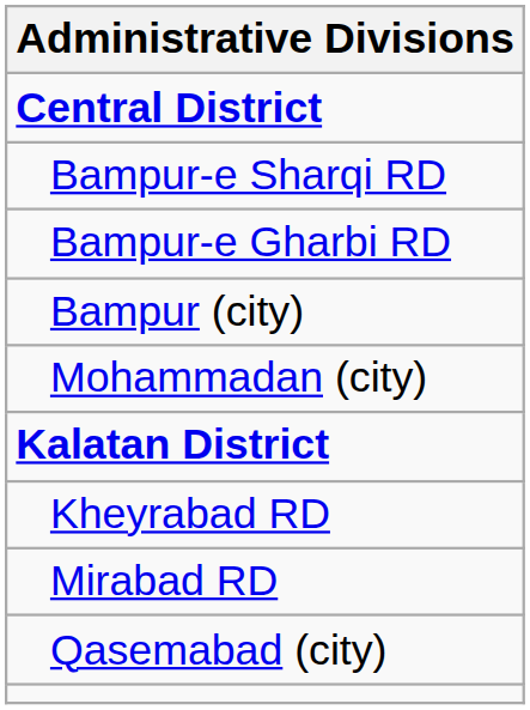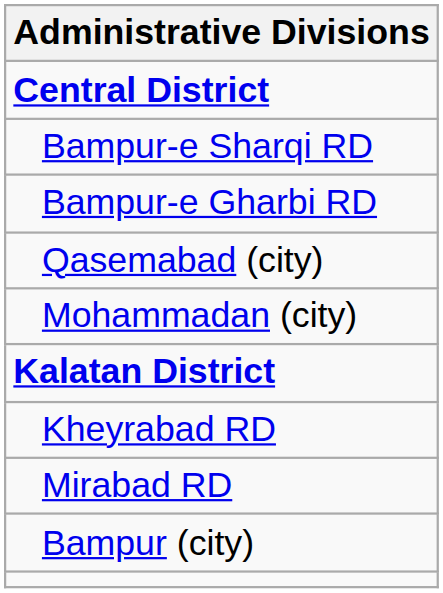 <table class="wikitable">
 <tr>
 <th>Administrative Divisions</th>
 </tr>
 <tr>
 <td><strong><a href='#'>Central District</a></strong></td>
 </tr>
 <tr>
 <td style="padding-left: 1em;"><a href='#'>Bampur-e Sharqi RD</a></td>
 </tr>
 <tr>
 <td style="padding-left: 1em;"><a href='#'>Bampur-e Gharbi RD</a></td>
 </tr>
 <tr>
-<td style="padding-left: 1em;"><a href='#'>Bampur</a> (city)</td>
+<td style="padding-left: 1em;"><a href='#'>Qasemabad</a> (city)</td>
 </tr>
 <tr>
 <td style="padding-left: 1em;"><a href='#'>Mohammadan</a> (city)</td>
 </tr>
 <tr>
 <td><strong><a href='#'>Kalatan District</a></strong></td>
 </tr>
 <tr>
 <td style="padding-left: 1em;"><a href='#'>Kheyrabad RD</a></td>
 </tr>
 <tr>
 <td style="padding-left: 1em;"><a href='#'>Mirabad RD</a></td>
 </tr>
 <tr>
-<td style="padding-left: 1em;"><a href='#'>Qasemabad</a> (city)</td>
+<td style="padding-left: 1em;"><a href='#'>Bampur</a> (city)</td>
 </tr>
 <tr>
 <td colspan=1></td>
 </tr>
 </table>
